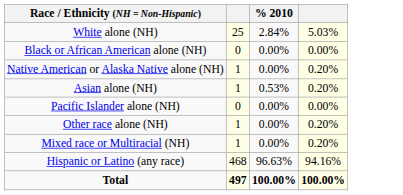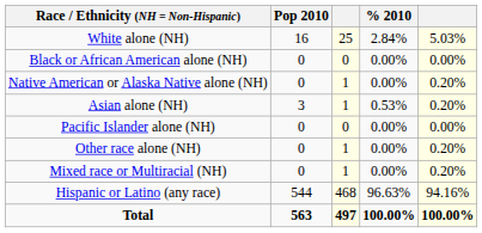 <table class="wikitable" style="text-align:center;">
 <tr>
 <th>Race / Ethnicity <small>(<em>NH = Non-Hispanic</em>)</small></th>
+<th>Pop 2010</th>
 <th></th>
 <th>% 2010</th>
 <th></th>
 </tr>
 <tr>
 <td><a href='#'>White</a> alone (NH)</td>
+<td>16</td>
 <td style='background: #ffffe6;'>25</td>
 <td>2.84%</td>
 <td style='background: #ffffe6;'>5.03%</td>
 </tr>
 <tr>
 <td><a href='#'>Black or African American</a> alone (NH)</td>
+<td>0</td>
 <td style='background: #ffffe6;'>0</td>
 <td>0.00%</td>
 <td style='background: #ffffe6;'>0.00%</td>
 </tr>
 <tr>
 <td><a href='#'>Native American</a> or <a href='#'>Alaska Native</a> alone (NH)</td>
+<td>0</td>
 <td style='background: #ffffe6;'>1</td>
 <td>0.00%</td>
 <td style='background: #ffffe6;'>0.20%</td>
 </tr>
 <tr>
 <td><a href='#'>Asian</a> alone (NH)</td>
+<td>3</td>
 <td style='background: #ffffe6;'>1</td>
 <td>0.53%</td>
 <td style='background: #ffffe6;'>0.20%</td>
 </tr>
 <tr>
 <td><a href='#'>Pacific Islander</a> alone (NH)</td>
+<td>0</td>
 <td style='background: #ffffe6;'>0</td>
 <td>0.00%</td>
 <td style='background: #ffffe6;'>0.00%</td>
 </tr>
 <tr>
 <td><a href='#'>Other race</a> alone (NH)</td>
+<td>0</td>
 <td style='background: #ffffe6;'>1</td>
 <td>0.00%</td>
 <td style='background: #ffffe6;'>0.20%</td>
 </tr>
 <tr>
 <td><a href='#'>Mixed race or Multiracial</a> (NH)</td>
+<td>0</td>
 <td style='background: #ffffe6;'>1</td>
 <td>0.00%</td>
 <td style='background: #ffffe6;'>0.20%</td>
 </tr>
 <tr>
 <td><a href='#'>Hispanic or Latino</a> (any race)</td>
+<td>544</td>
 <td style='background: #ffffe6;'>468</td>
 <td>96.63%</td>
 <td style='background: #ffffe6;'>94.16%</td>
 </tr>
 <tr>
 <td><strong>Total</strong></td>
+<td><strong>563</strong></td>
 <td style='background: #ffffe6;'><strong>497</strong></td>
 <td><strong>100.00%</strong></td>
 <td style='background: #ffffe6;'><strong>100.00%</strong></td>
 </tr>
 </table>
